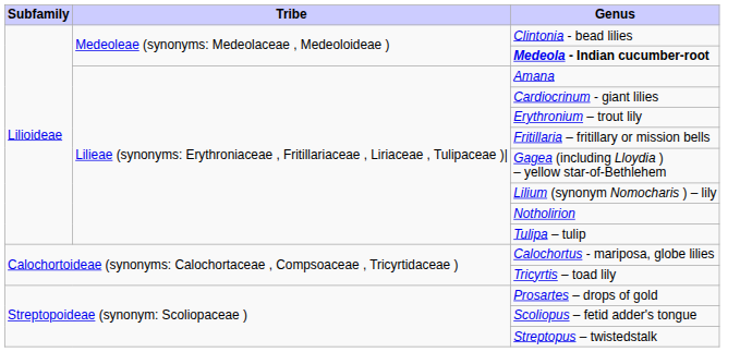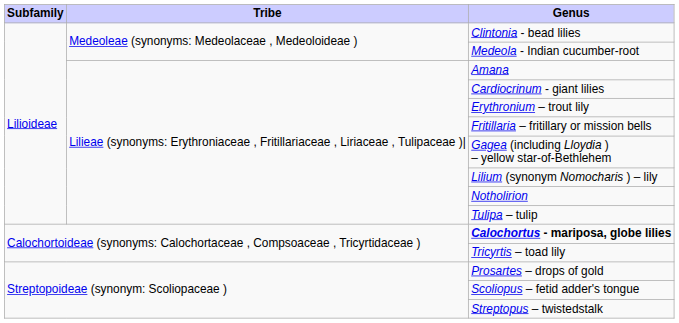 <table class="wikitable">
 <tr>
 <th style="background: #ccf;">Subfamily</th>
 <th style="background: #ccf;">Tribe</th>
 <th style="background: #ccf;">Genus</th>
 </tr>
 <tr>
 <td rowspan=10><a href='#'>Lilioideae</a> </td>
 <td rowspan=2><a href='#'>Medeoleae</a>  (synonyms: Medeolaceae , Medeoloideae )</td>
 <td><em><a href='#'>Clintonia</a></em>  - bead lilies</td>
 </tr>
 <tr>
-<td><strong><em><a href='#'>Medeola</a></em>  - Indian cucumber-root</strong></td>
+<td><em><a href='#'>Medeola</a></em>  - Indian cucumber-root</td>
 </tr>
 <tr>
 <td rowspan=8><a href='#'>Lilieae</a>  (synonyms: Erythroniaceae , Fritillariaceae , Liriaceae , Tulipaceae )|</td>
 <td><em><a href='#'>Amana</a></em> </td>
 </tr>
 <tr>
 <td><em><a href='#'>Cardiocrinum</a></em>  - giant lilies</td>
 </tr>
 <tr>
 <td><em><a href='#'>Erythronium</a></em>  – trout lily</td>
 </tr>
 <tr>
 <td><em><a href='#'>Fritillaria</a></em>  – fritillary or mission bells</td>
 </tr>
 <tr>
 <td><em><a href='#'>Gagea</a></em>  (including <em>Lloydia</em> )<br> – yellow star-of-Bethlehem</td>
 </tr>
 <tr>
 <td><em><a href='#'>Lilium</a></em>  (synonym <em>Nomocharis</em> ) – lily</td>
 </tr>
 <tr>
 <td><em><a href='#'>Notholirion</a></em> </td>
 </tr>
 <tr>
 <td><em><a href='#'>Tulipa</a></em>  – tulip</td>
 </tr>
 <tr>
 <td rowspan=2 colspan=2><a href='#'>Calochortoideae</a>  (synonyms: Calochortaceae , Compsoaceae , Tricyrtidaceae )</td>
-<td><em><a href='#'>Calochortus</a></em>   - mariposa, globe lilies</td>
+<td><strong><em><a href='#'>Calochortus</a></em>   - mariposa, globe lilies</strong></td>
 </tr>
 <tr>
 <td><em><a href='#'>Tricyrtis</a></em>  – toad lily</td>
 </tr>
 <tr>
 <td rowspan=3 colspan=2><a href='#'>Streptopoideae</a> (synonym: Scoliopaceae )</td>
 <td><em><a href='#'>Prosartes</a></em>  – drops of gold</td>
 </tr>
 <tr>
 <td><em><a href='#'>Scoliopus</a></em>  – fetid adder's tongue</td>
 </tr>
 <tr>
 <td><em><a href='#'>Streptopus</a></em>  – twistedstalk</td>
 </tr>
 </table>
